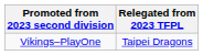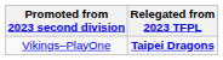 <table class="wikitable">
 <tr>
 <th>Promoted from<br><a href='#'>2023 second division</a></th>
 <th>Relegated from<br><a href='#'>2023 TFPL</a></th>
 </tr>
 <tr>
 <td align=center><a href='#'>Vikings–PlayOne</a></td>
-<td align=center><a href='#'>Taipei Dragons</a></td>
+<td align=center><strong><a href='#'>Taipei Dragons</a></strong></td>
 </tr>
 </table>
